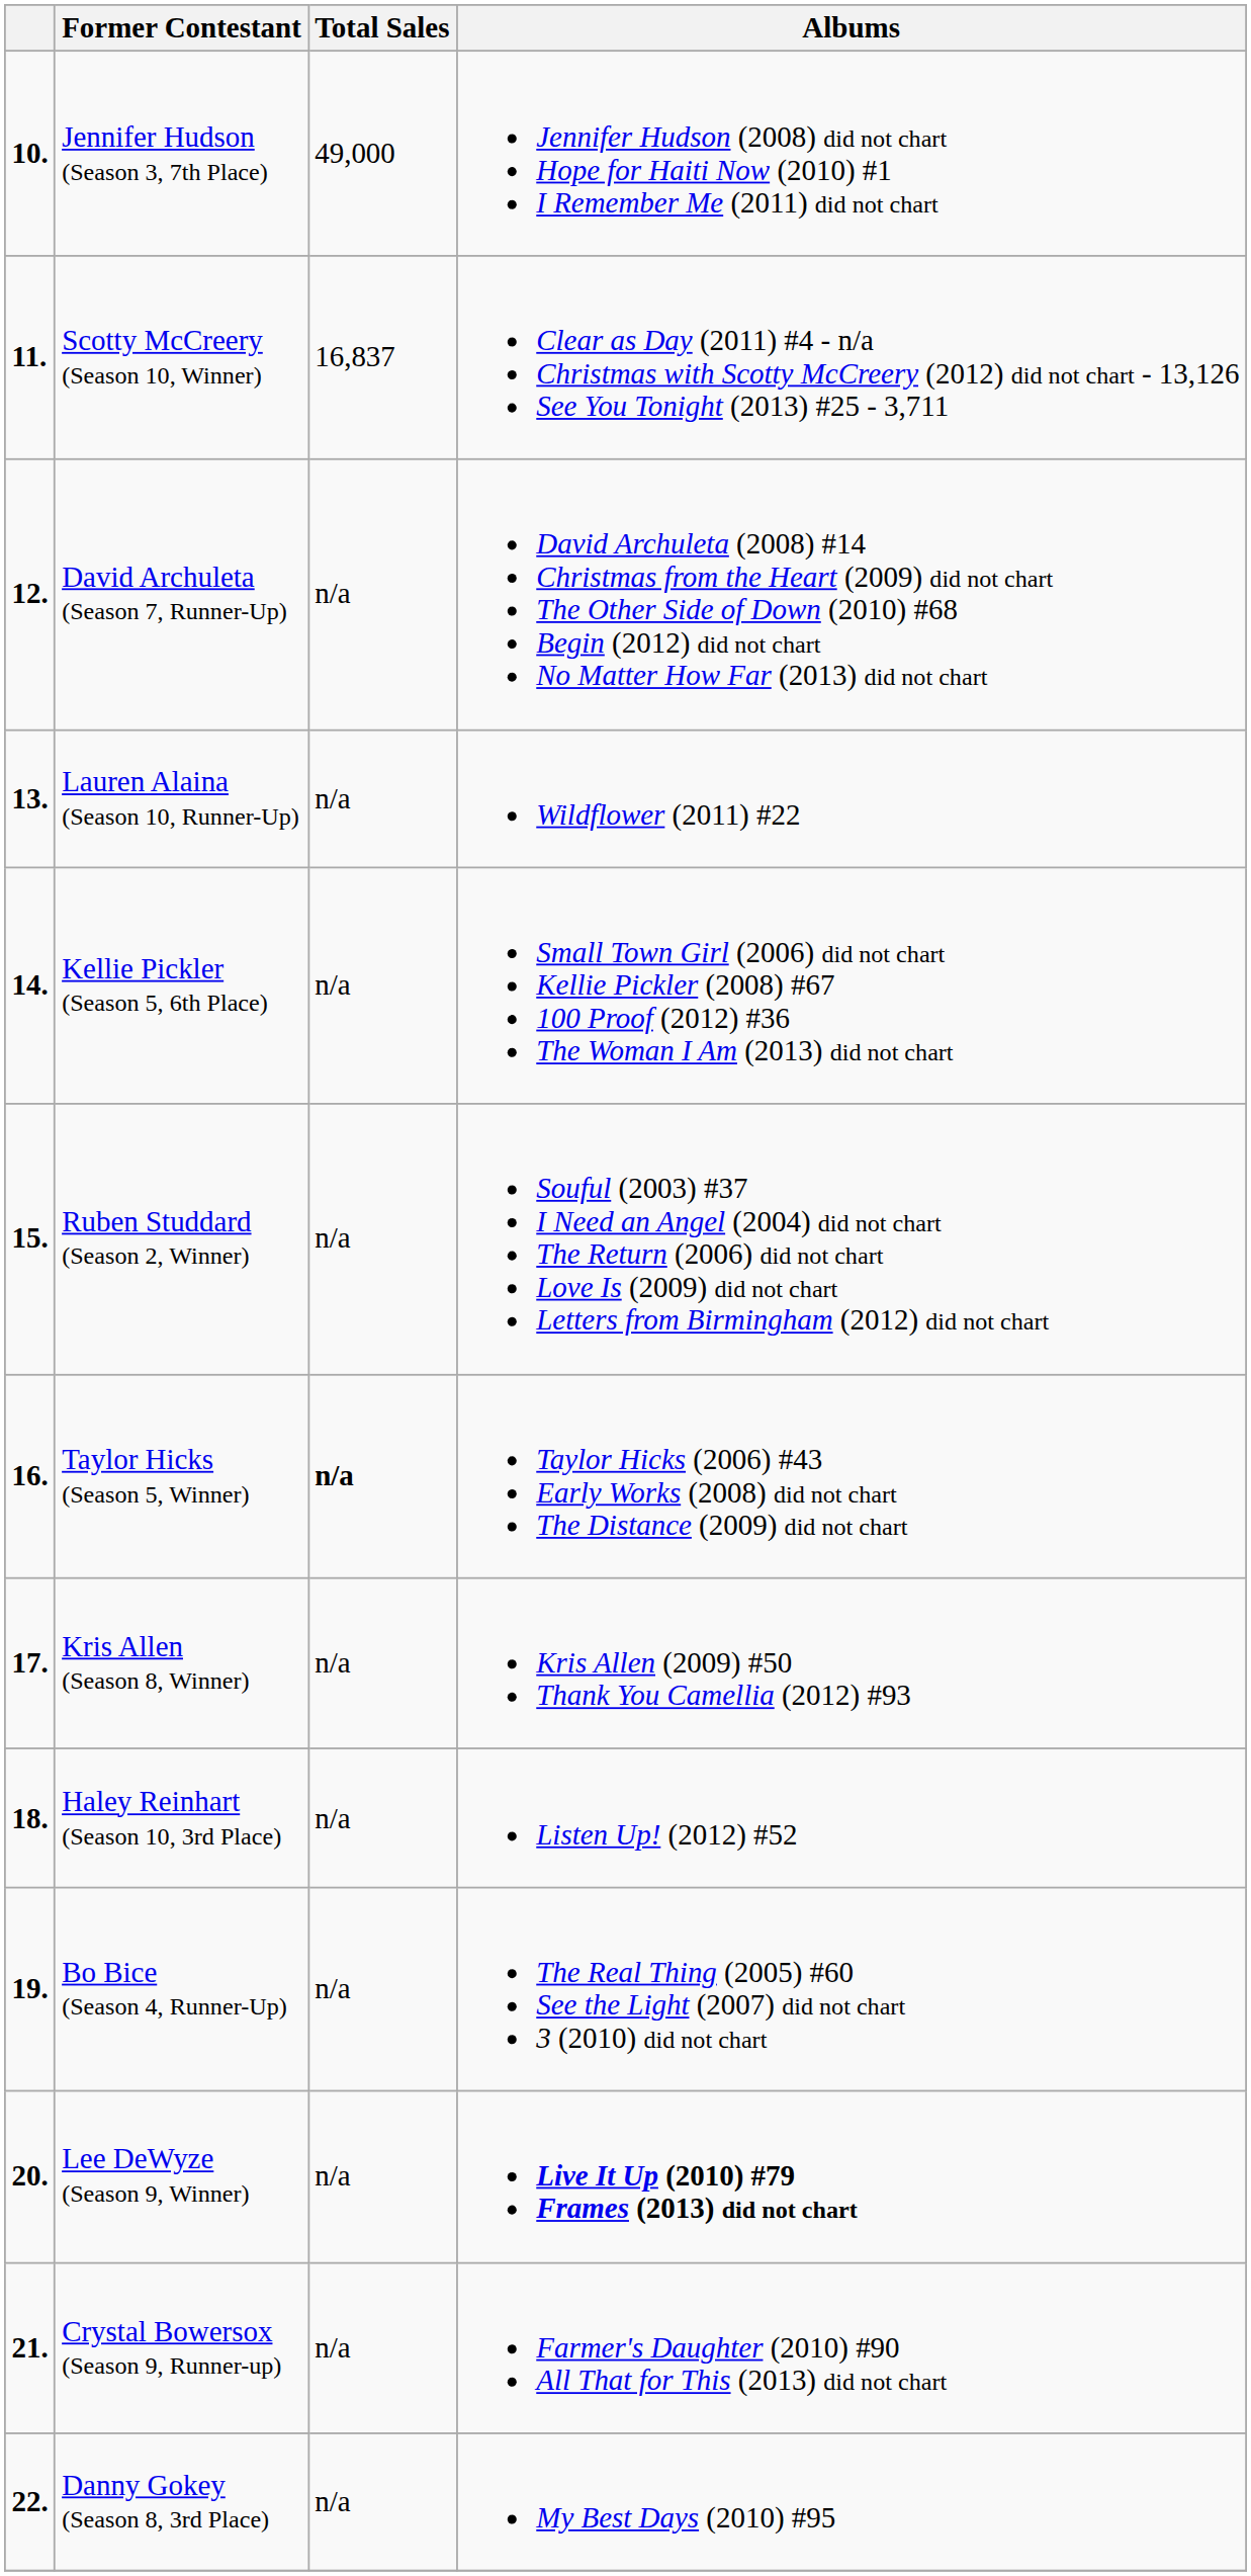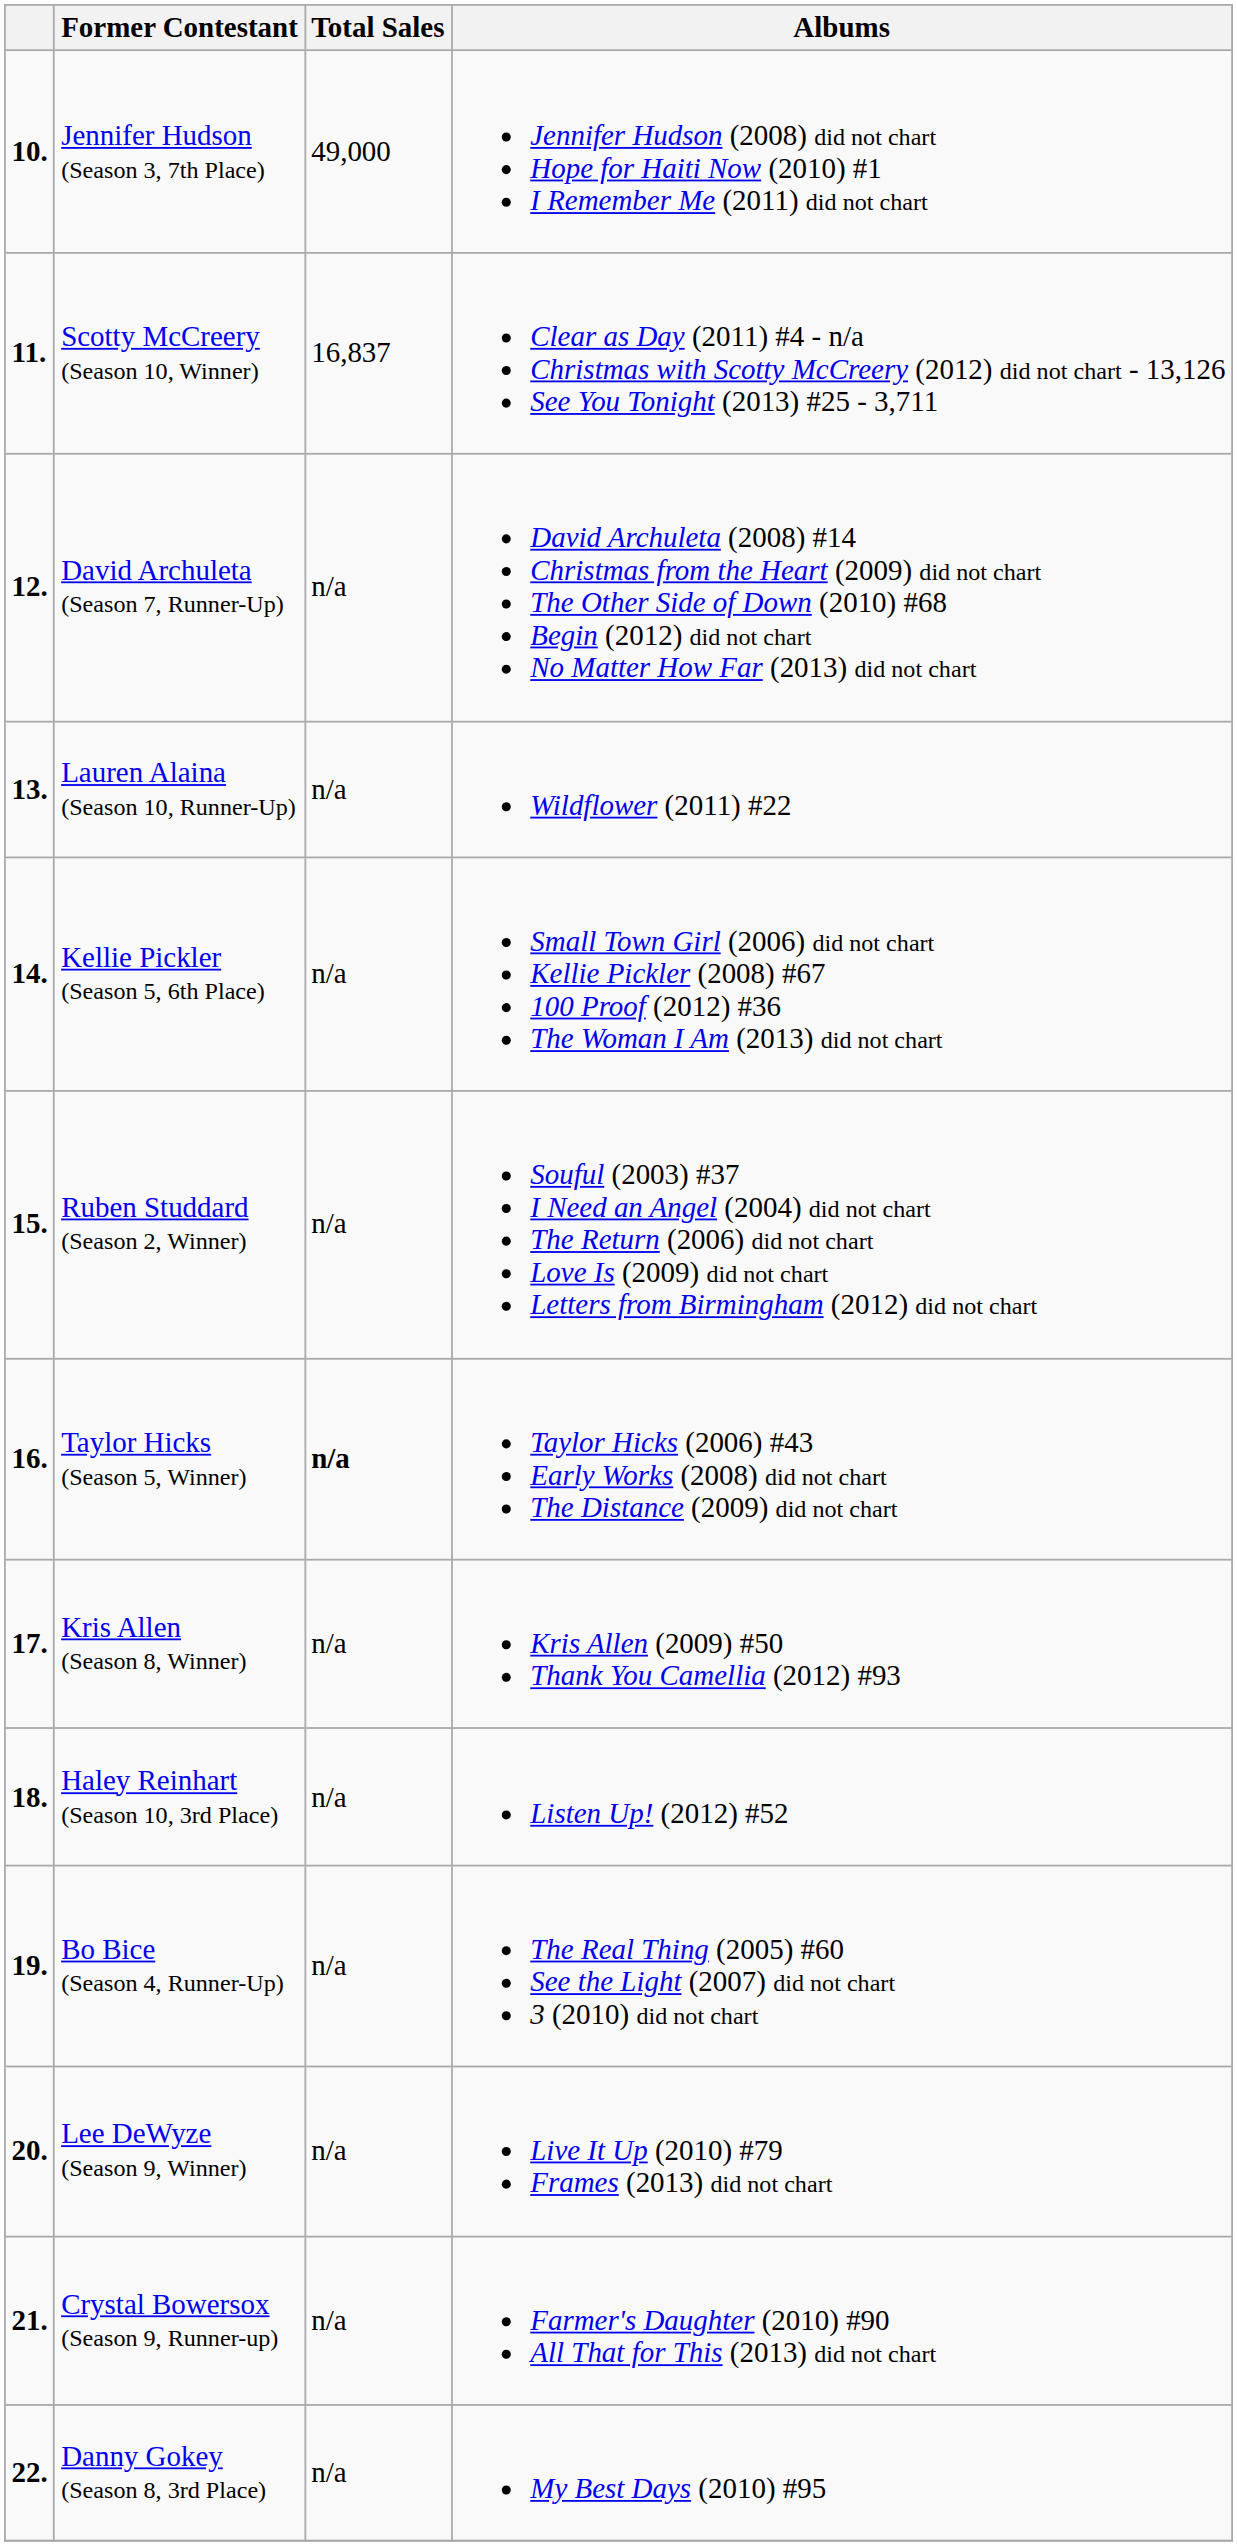 <table class="wikitable">
 <tr>
 <th></th>
 <th>Former Contestant</th>
 <th>Total Sales</th>
 <th>Albums</th>
 </tr>
 <tr>
 <td><strong>10.</strong></td>
 <td><a href='#'>Jennifer Hudson</a> <small><br>(Season 3, 7th Place)</small><br></td>
 <td>49,000</td>
 <td><br><ul><li><em><a href='#'>Jennifer Hudson</a></em> (2008) <small>did not chart</small></li><li><em><a href='#'>Hope for Haiti Now</a></em> (2010) #1</li><li><em><a href='#'>I Remember Me</a></em> (2011) <small>did not chart</small></li></ul></td>
 </tr>
 <tr>
 <td><strong>11.</strong></td>
 <td><a href='#'>Scotty McCreery</a> <small><br>(Season 10, Winner)</small><br></td>
 <td>16,837</td>
 <td><br><ul><li><em><a href='#'>Clear as Day</a></em> (2011) #4 - n/a</li><li><em><a href='#'>Christmas with Scotty McCreery</a></em> (2012) <small>did not chart</small> - 13,126</li><li><em><a href='#'>See You Tonight</a></em> (2013) #25 - 3,711</li></ul></td>
 </tr>
 <tr>
 <td><strong>12.</strong></td>
 <td><a href='#'>David Archuleta</a> <small><br>(Season 7, Runner-Up)</small><br></td>
 <td>n/a</td>
 <td><br><ul><li><em><a href='#'>David Archuleta</a></em> (2008) #14</li><li><em><a href='#'>Christmas from the Heart</a></em> (2009) <small>did not chart</small></li><li><em><a href='#'>The Other Side of Down</a></em> (2010) #68</li><li><em><a href='#'>Begin</a></em> (2012) <small>did not chart</small></li><li><em><a href='#'>No Matter How Far</a></em> (2013) <small>did not chart</small></li></ul></td>
 </tr>
 <tr>
 <td><strong>13.</strong></td>
 <td><a href='#'>Lauren Alaina</a> <small><br>(Season 10, Runner-Up)</small><br></td>
 <td>n/a</td>
 <td><br><ul><li><em><a href='#'>Wildflower</a></em> (2011) #22</li></ul></td>
 </tr>
 <tr>
 <td><strong>14.</strong></td>
 <td><a href='#'>Kellie Pickler</a> <small><br>(Season 5, 6th Place)</small><br></td>
 <td>n/a</td>
 <td><br><ul><li><em><a href='#'>Small Town Girl</a></em> (2006) <small>did not chart</small></li><li><em><a href='#'>Kellie Pickler</a></em> (2008) #67</li><li><em><a href='#'>100 Proof</a></em> (2012) #36</li><li><em><a href='#'>The Woman I Am</a></em> (2013) <small>did not chart</small></li></ul></td>
 </tr>
 <tr>
 <td><strong>15.</strong></td>
 <td><a href='#'>Ruben Studdard</a> <small><br>(Season 2, Winner)</small><br></td>
 <td>n/a</td>
 <td><br><ul><li><em><a href='#'>Souful</a></em> (2003) #37</li><li><em><a href='#'>I Need an Angel</a></em> (2004) <small>did not chart</small></li><li><em><a href='#'>The Return</a></em> (2006) <small>did not chart</small></li><li><em><a href='#'>Love Is</a></em> (2009) <small>did not chart</small></li><li><em><a href='#'>Letters from Birmingham</a></em> (2012) <small>did not chart</small></li></ul></td>
 </tr>
 <tr>
 <td><strong>16.</strong></td>
 <td><a href='#'>Taylor Hicks</a> <small><br>(Season 5, Winner)</small><br></td>
 <td><strong>n/a</strong></td>
 <td><br><ul><li><em><a href='#'>Taylor Hicks</a></em> (2006) #43</li><li><em><a href='#'>Early Works</a></em> (2008) <small>did not chart</small></li><li><em><a href='#'>The Distance</a></em> (2009) <small>did not chart</small></li></ul></td>
 </tr>
 <tr>
 <td><strong>17.</strong></td>
 <td><a href='#'>Kris Allen</a> <small><br>(Season 8, Winner)</small><br></td>
 <td>n/a</td>
 <td><br><ul><li><em><a href='#'>Kris Allen</a></em> (2009) #50</li><li><em><a href='#'>Thank You Camellia</a></em> (2012) #93</li></ul></td>
 </tr>
 <tr>
 <td><strong>18.</strong></td>
 <td><a href='#'>Haley Reinhart</a> <small><br>(Season 10, 3rd Place)</small><br></td>
 <td>n/a</td>
 <td><br><ul><li><em><a href='#'>Listen Up!</a></em> (2012) #52</li></ul></td>
 </tr>
 <tr>
 <td><strong>19.</strong></td>
 <td><a href='#'>Bo Bice</a> <small><br>(Season 4, Runner-Up)</small><br></td>
 <td>n/a</td>
 <td><br><ul><li><em><a href='#'>The Real Thing</a></em> (2005) #60</li><li><em><a href='#'>See the Light</a></em> (2007) <small>did not chart</small></li><li><em>3</em> (2010) <small>did not chart</small></li></ul></td>
 </tr>
 <tr>
 <td><strong>20.</strong></td>
 <td><a href='#'>Lee DeWyze</a> <small><br>(Season 9, Winner)</small><br></td>
 <td>n/a</td>
-<td><strong><br><ul><li><em><a href='#'>Live It Up</a></em> (2010) #79</li><li><em><a href='#'>Frames</a></em> (2013) <small>did not chart</small></li></ul></strong></td>
+<td><br><ul><li><em><a href='#'>Live It Up</a></em> (2010) #79</li><li><em><a href='#'>Frames</a></em> (2013) <small>did not chart</small></li></ul></td>
 </tr>
 <tr>
 <td><strong>21.</strong></td>
 <td><a href='#'>Crystal Bowersox</a> <small><br>(Season 9, Runner-up)</small><br></td>
 <td>n/a</td>
 <td><br><ul><li><em><a href='#'>Farmer's Daughter</a></em> (2010) #90</li><li><em><a href='#'>All That for This</a></em> (2013) <small>did not chart</small></li></ul></td>
 </tr>
 <tr>
 <td><strong>22.</strong></td>
 <td><a href='#'>Danny Gokey</a> <small><br>(Season 8, 3rd Place)</small><br></td>
 <td>n/a</td>
 <td><br><ul><li><em><a href='#'>My Best Days</a></em> (2010) #95</li></ul></td>
 </tr>
 <tr>
 </tr>
 </table>
